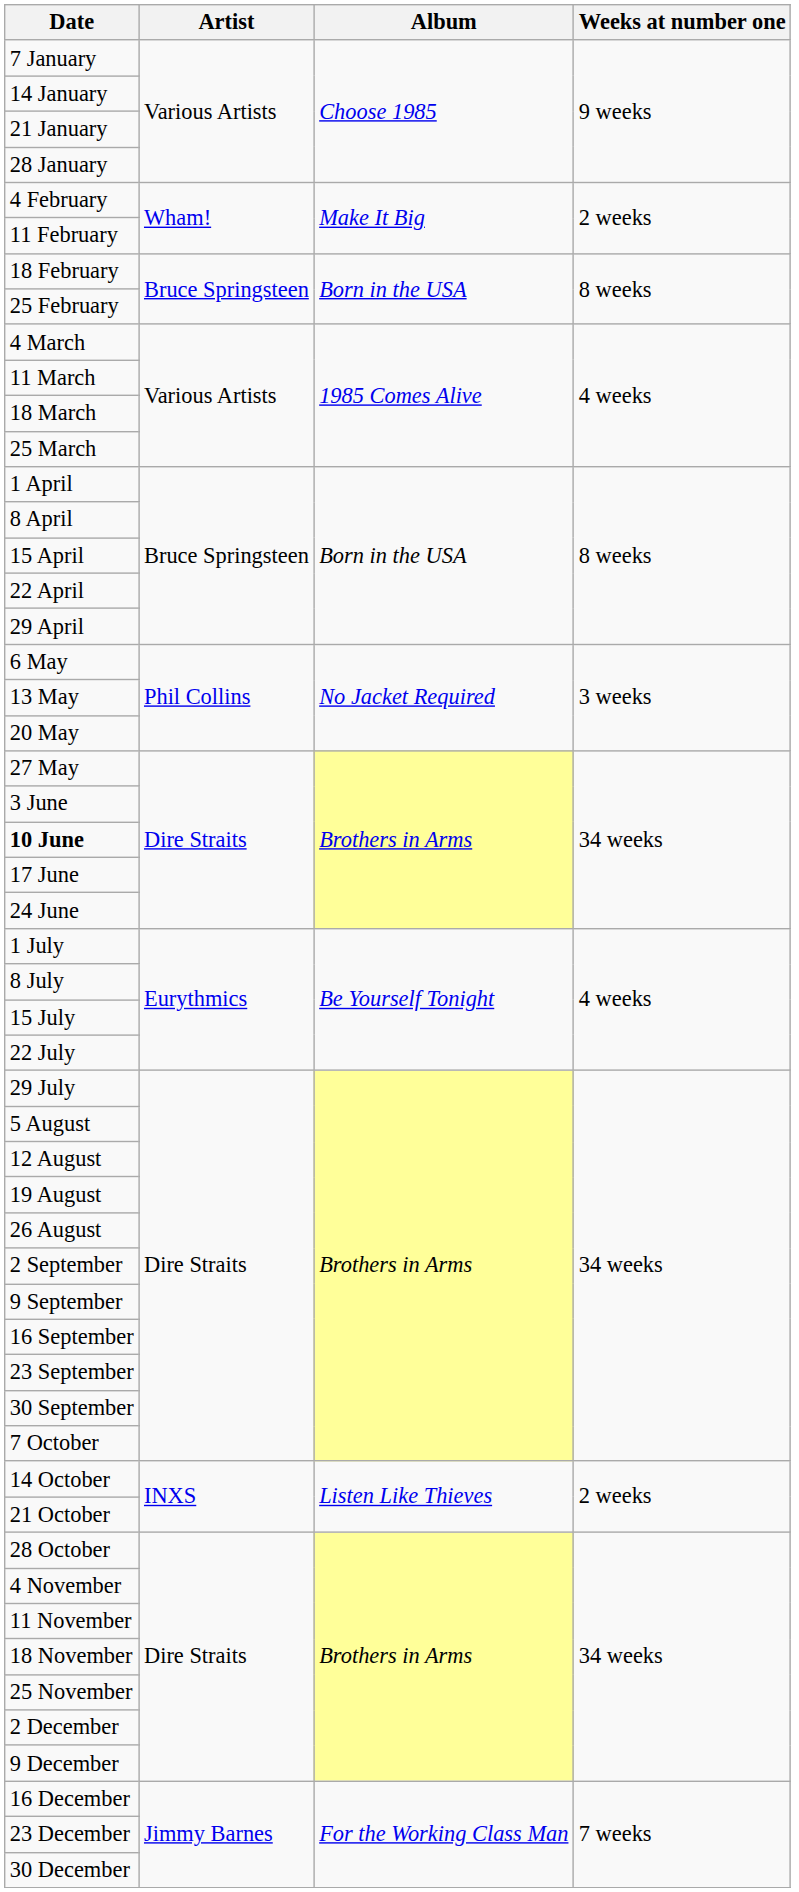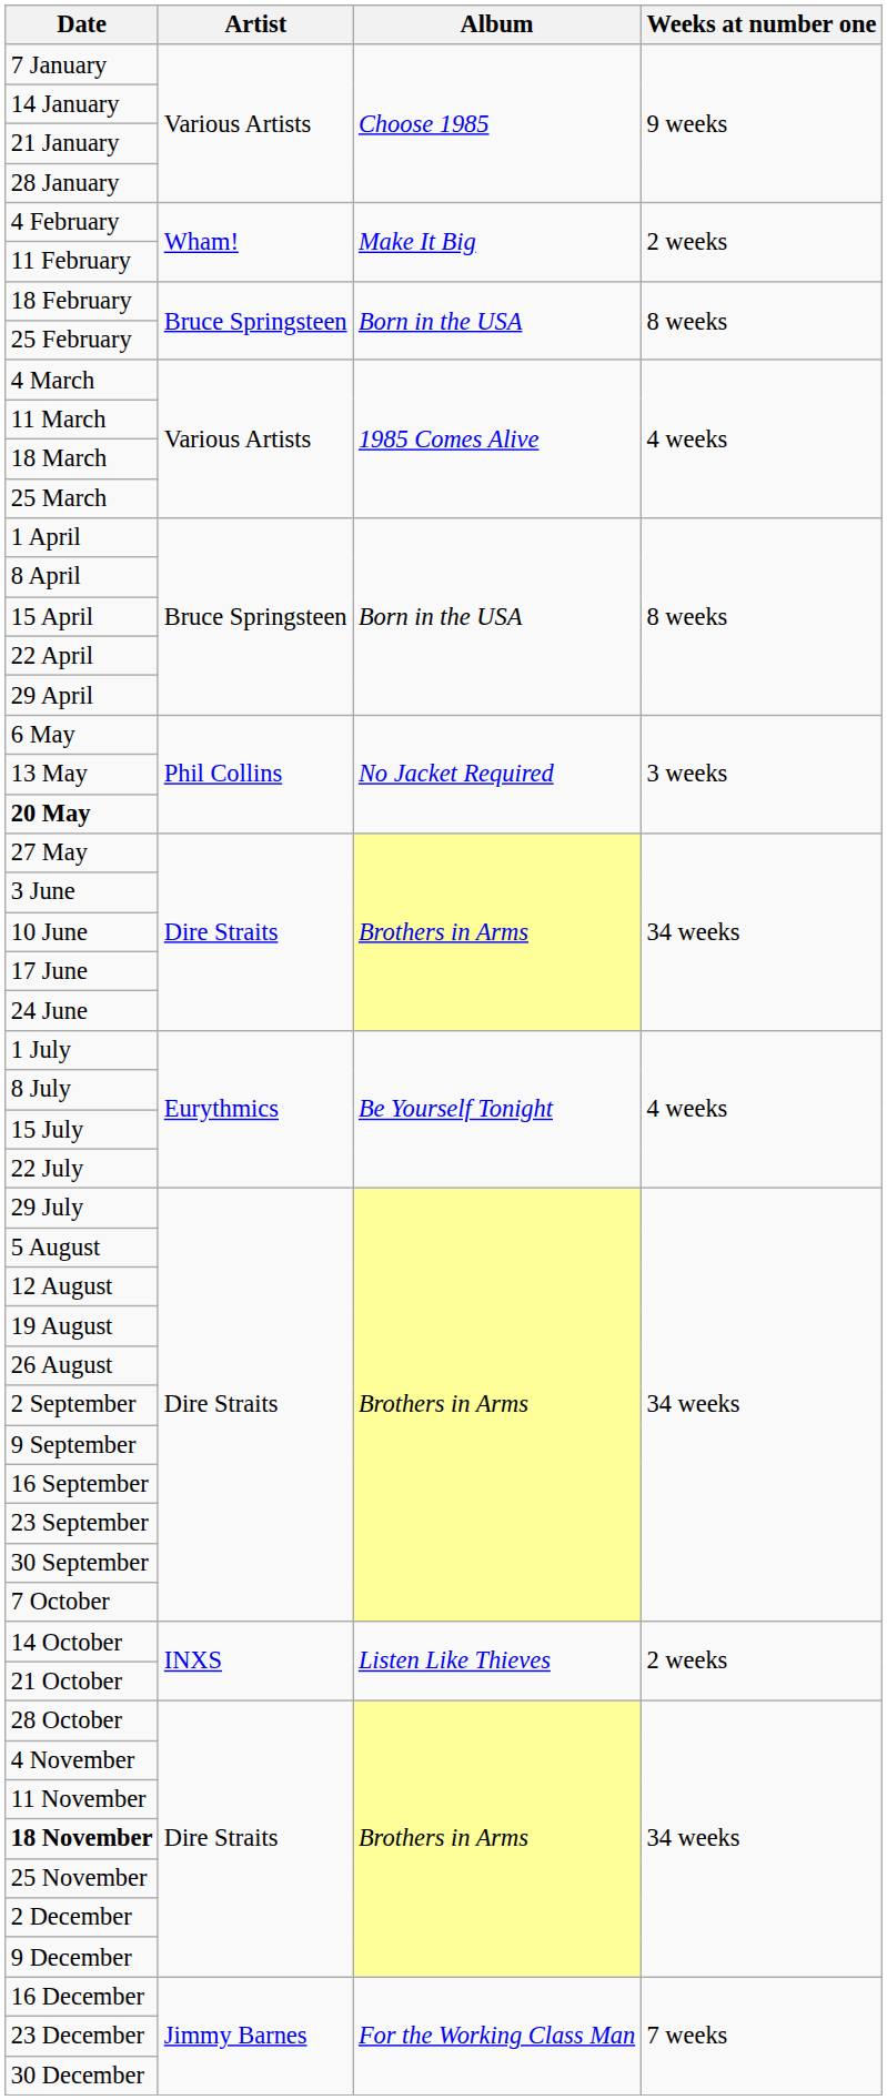 <table class="wikitable">
 <tr>
 <th>Date</th>
 <th>Artist</th>
 <th>Album</th>
 <th>Weeks at number one</th>
 </tr>
 <tr>
 <td>7 January</td>
 <td rowspan="4">Various Artists</td>
 <td rowspan="4"><em><a href='#'>Choose 1985</a></em></td>
 <td rowspan="4">9 weeks</td>
 </tr>
 <tr>
 <td>14 January</td>
 </tr>
 <tr>
 <td>21 January</td>
 </tr>
 <tr>
 <td>28 January</td>
 </tr>
 <tr>
 <td>4 February</td>
 <td rowspan="2"><a href='#'>Wham!</a></td>
 <td rowspan="2"><em><a href='#'>Make It Big</a></em></td>
 <td rowspan="2">2 weeks</td>
 </tr>
 <tr>
 <td>11 February</td>
 </tr>
 <tr>
 <td>18 February</td>
 <td rowspan="2"><a href='#'>Bruce Springsteen</a></td>
 <td rowspan="2"><em><a href='#'>Born in the USA</a></em></td>
 <td rowspan="2">8 weeks</td>
 </tr>
 <tr>
 <td>25 February</td>
 </tr>
 <tr>
 <td>4 March</td>
 <td rowspan="4">Various Artists</td>
 <td rowspan="4"><em><a href='#'>1985 Comes Alive</a></em></td>
 <td rowspan="4">4 weeks</td>
 </tr>
 <tr>
 <td>11 March</td>
 </tr>
 <tr>
 <td>18 March</td>
 </tr>
 <tr>
 <td>25 March</td>
 </tr>
 <tr>
 <td>1 April</td>
 <td rowspan="5">Bruce Springsteen</td>
 <td rowspan="5"><em>Born in the USA</em></td>
 <td rowspan="5">8 weeks</td>
 </tr>
 <tr>
 <td>8 April</td>
 </tr>
 <tr>
 <td>15 April</td>
 </tr>
 <tr>
 <td>22 April</td>
 </tr>
 <tr>
 <td>29 April</td>
 </tr>
 <tr>
 <td>6 May</td>
 <td rowspan="3"><a href='#'>Phil Collins</a></td>
 <td rowspan="3"><em><a href='#'>No Jacket Required</a></em></td>
 <td rowspan="3">3 weeks</td>
 </tr>
 <tr>
 <td>13 May</td>
 </tr>
 <tr>
-<td>20 May</td>
+<td><strong>20 May</strong></td>
 </tr>
 <tr>
 <td>27 May</td>
 <td rowspan="5"><a href='#'>Dire Straits</a></td>
 <td bgcolor=#FFFF99 rowspan="5"><em><a href='#'>Brothers in Arms</a></em></td>
 <td rowspan="5">34 weeks</td>
 </tr>
 <tr>
 <td>3 June</td>
 </tr>
 <tr>
-<td><strong>10 June</strong></td>
+<td>10 June</td>
 </tr>
 <tr>
 <td>17 June</td>
 </tr>
 <tr>
 <td>24 June</td>
 </tr>
 <tr>
 <td>1 July</td>
 <td rowspan="4"><a href='#'>Eurythmics</a></td>
 <td rowspan="4"><em><a href='#'>Be Yourself Tonight</a></em></td>
 <td rowspan="4">4 weeks</td>
 </tr>
 <tr>
 <td>8 July</td>
 </tr>
 <tr>
 <td>15 July</td>
 </tr>
 <tr>
 <td>22 July</td>
 </tr>
 <tr>
 <td>29 July</td>
 <td rowspan="11">Dire Straits</td>
 <td bgcolor=#FFFF99 rowspan="11"><em>Brothers in Arms</em></td>
 <td rowspan="11">34 weeks</td>
 </tr>
 <tr>
 <td>5 August</td>
 </tr>
 <tr>
 <td>12 August</td>
 </tr>
 <tr>
 <td>19 August</td>
 </tr>
 <tr>
 <td>26 August</td>
 </tr>
 <tr>
 <td>2 September</td>
 </tr>
 <tr>
 <td>9 September</td>
 </tr>
 <tr>
 <td>16 September</td>
 </tr>
 <tr>
 <td>23 September</td>
 </tr>
 <tr>
 <td>30 September</td>
 </tr>
 <tr>
 <td>7 October</td>
 </tr>
 <tr>
 <td>14 October</td>
 <td rowspan="2"><a href='#'>INXS</a></td>
 <td rowspan="2"><em><a href='#'>Listen Like Thieves</a></em></td>
 <td rowspan="2">2 weeks</td>
 </tr>
 <tr>
 <td>21 October</td>
 </tr>
 <tr>
 <td>28 October</td>
 <td rowspan="7">Dire Straits</td>
 <td bgcolor=#FFFF99 rowspan="7"><em>Brothers in Arms</em></td>
 <td rowspan="7">34 weeks</td>
 </tr>
 <tr>
 <td>4 November</td>
 </tr>
 <tr>
 <td>11 November</td>
 </tr>
 <tr>
-<td>18 November</td>
+<td><strong>18 November</strong></td>
 </tr>
 <tr>
 <td>25 November</td>
 </tr>
 <tr>
 <td>2 December</td>
 </tr>
 <tr>
 <td>9 December</td>
 </tr>
 <tr>
 <td>16 December</td>
 <td rowspan="3"><a href='#'>Jimmy Barnes</a></td>
 <td rowspan="3"><em><a href='#'>For the Working Class Man</a></em></td>
 <td rowspan="3">7 weeks</td>
 </tr>
 <tr>
 <td>23 December</td>
 </tr>
 <tr>
 <td>30 December</td>
 </tr>
 <tr>
 </tr>
 </table>
